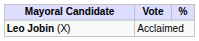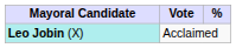 <table class="wikitable">
 <tr>
 <th style="background:#ddf; width:200px;">Mayoral Candidate</th>
 <th style="background:#ddf; width:50px;">Vote</th>
 <th style="background:#ddf; width:30px;">%</th>
 </tr>
 <tr>
-<td><strong>Leo Jobin</strong> (X)</td>
+<td style="background: paleturquoise;"><strong>Leo Jobin</strong> (X)</td>
 <td colspan="2">Acclaimed</td>
 </tr>
 </table>
